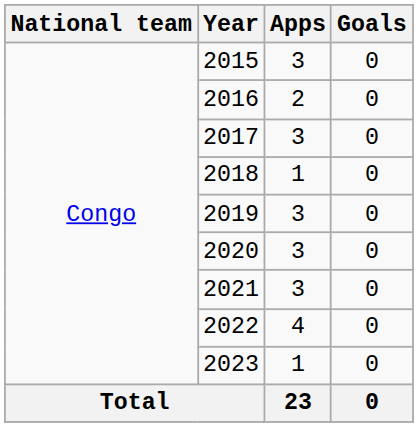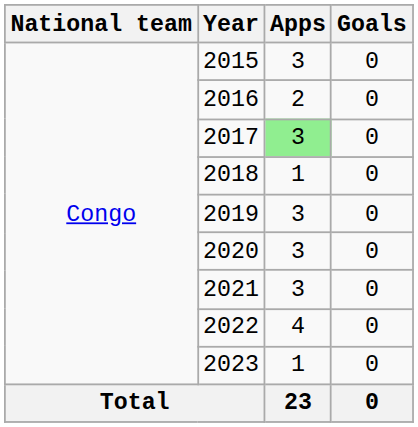 <table class="wikitable" style="text-align:center">
 <tr>
 <th>National team</th>
 <th>Year</th>
 <th>Apps</th>
 <th>Goals</th>
 </tr>
 <tr>
 <td rowspan="9"><a href='#'>Congo</a></td>
 <td>2015</td>
 <td>3</td>
 <td>0</td>
 </tr>
 <tr>
 <td>2016</td>
 <td>2</td>
 <td>0</td>
 </tr>
 <tr>
 <td>2017</td>
-<td>3</td>
+<td style="background: lightgreen;">3</td>
 <td>0</td>
 </tr>
 <tr>
 <td>2018</td>
 <td>1</td>
 <td>0</td>
 </tr>
 <tr>
 <td>2019</td>
 <td>3</td>
 <td>0</td>
 </tr>
 <tr>
 <td>2020</td>
 <td>3</td>
 <td>0</td>
 </tr>
 <tr>
 <td>2021</td>
 <td>3</td>
 <td>0</td>
 </tr>
 <tr>
 <td>2022</td>
 <td>4</td>
 <td>0</td>
 </tr>
 <tr>
 <td>2023</td>
 <td>1</td>
 <td>0</td>
 </tr>
 <tr>
 <th colspan="2">Total</th>
 <th>23</th>
 <th>0</th>
 </tr>
 </table>
